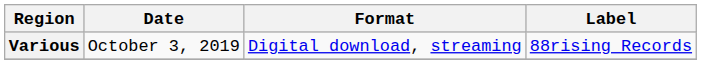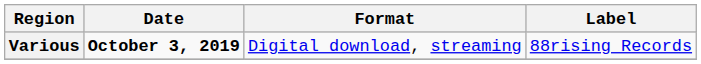 <table class="wikitable plainrowheaders">
 <tr>
 <th>Region</th>
 <th>Date</th>
 <th>Format</th>
 <th>Label</th>
 </tr>
 <tr>
 <th scope="row">Various</th>
-<td>October 3, 2019</td>
+<td><strong>October 3, 2019</strong></td>
 <td><a href='#'>Digital download</a>, <a href='#'>streaming</a></td>
 <td><a href='#'>88rising Records</a></td>
 </tr>
 <tr>
 </tr>
 </table>
